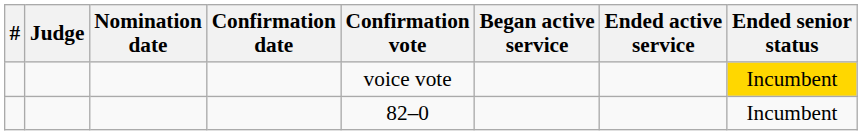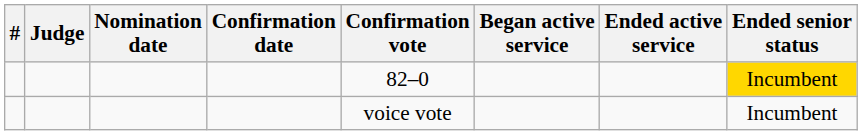 <table class="sortable wikitable">
 <tr>
 <th>#</th>
 <th>Judge</th>
 <th>Nomination<br>date</th>
 <th>Confirmation<br>date</th>
 <th>Confirmation<br>vote</th>
 <th>Began active<br>service</th>
 <th>Ended active<br>service</th>
 <th>Ended senior<br>status</th>
 </tr>
 <tr>
 <td></td>
 <td></td>
 <td></td>
 <td></td>
-<td align= "center">voice vote</td>
+<td align= "center">82–0</td>
 <td></td>
 <td></td>
 <td align= "center" style="background: gold;">Incumbent</td>
 </tr>
 <tr>
 <td></td>
 <td></td>
 <td></td>
 <td></td>
-<td align= "center">82–0</td>
+<td align= "center">voice vote</td>
 <td></td>
 <td></td>
 <td align= "center">Incumbent</td>
 </tr>
 </table>
